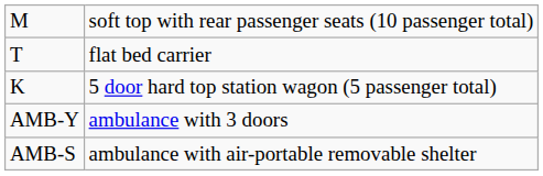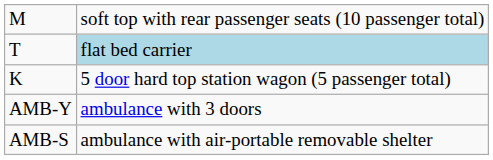 <table class="wikitable" border="1">
 <tr>
 <td>M</td>
 <td>soft top with rear passenger seats (10 passenger total)</td>
 </tr>
 <tr>
 <td>T</td>
-<td>flat bed carrier</td>
+<td style="background: lightblue;">flat bed carrier</td>
 </tr>
 <tr>
 <td>K</td>
 <td>5 <a href='#'>door</a> hard top station wagon (5 passenger total)</td>
 </tr>
 <tr>
 <td>AMB-Y</td>
 <td><a href='#'>ambulance</a> with 3 doors</td>
 </tr>
 <tr>
 <td>AMB-S</td>
 <td>ambulance with air-portable removable shelter</td>
 </tr>
 </table>
